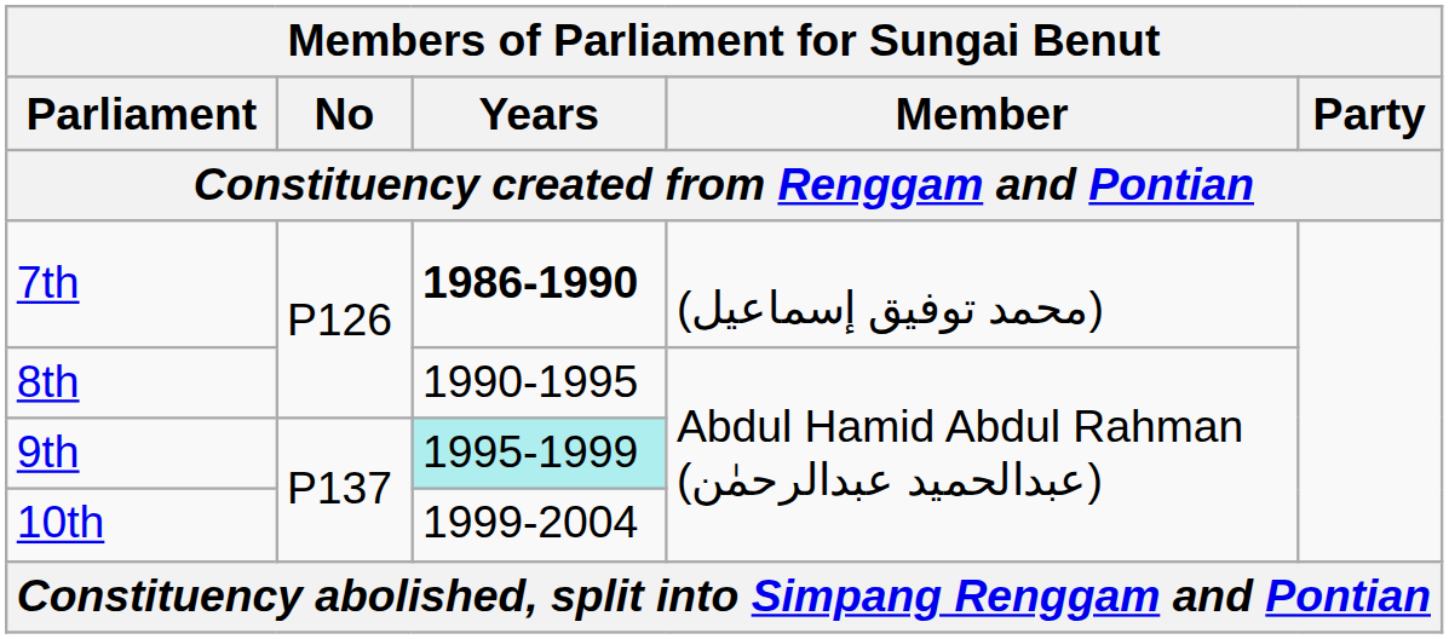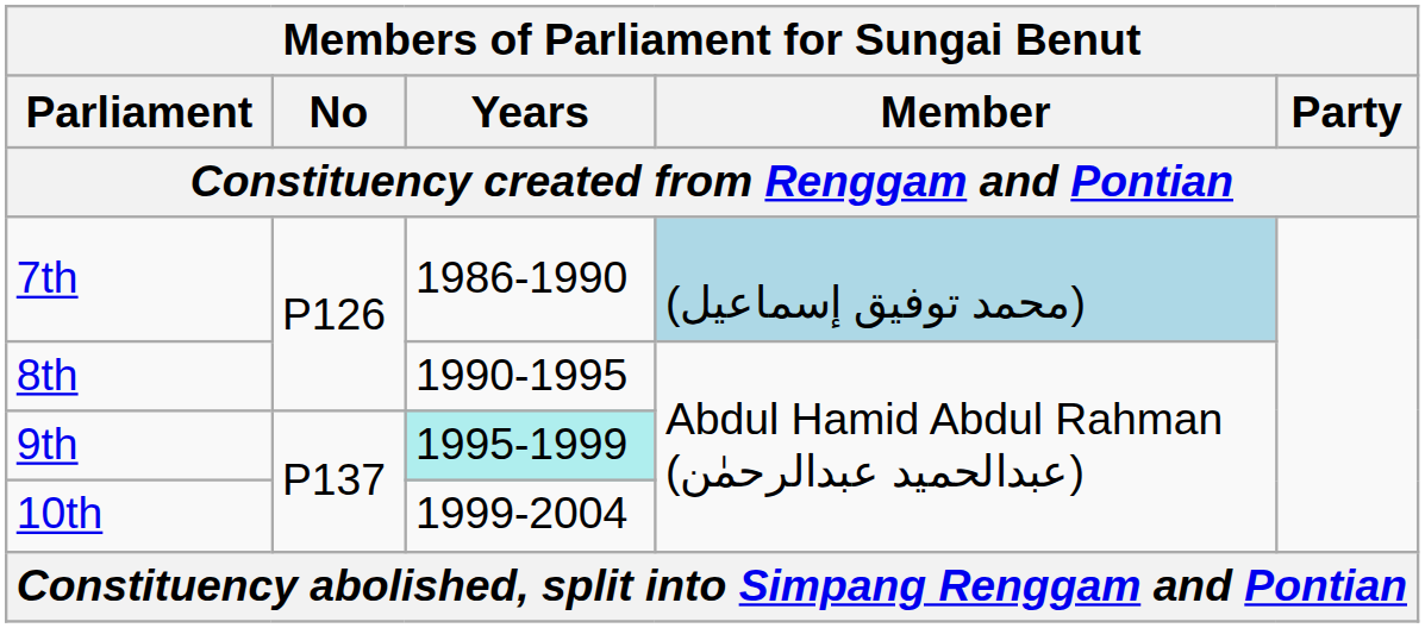 <table class=wikitable>
 <tr>
 <th colspan="5">Members of Parliament for Sungai Benut</th>
 </tr>
 <tr>
 <th>Parliament</th>
 <th>No</th>
 <th>Years</th>
 <th>Member</th>
 <th>Party</th>
 </tr>
 <tr>
 <th colspan="5" align="center"><em>Constituency created from <a href='#'>Renggam</a> and <a href='#'>Pontian</a></em></th>
 </tr>
 <tr>
 <td><a href='#'>7th</a></td>
 <td rowspan="2">P126</td>
-<td><strong>1986-1990</strong></td>
-<td><br>(محمد توفيق إسماعيل)</td>
+<td>1986-1990</td>
+<td style="background: lightblue;"><br>(محمد توفيق إسماعيل)</td>
 <td rowspan="4"></td>
 </tr>
 <tr>
 <td><a href='#'>8th</a></td>
 <td>1990-1995</td>
 <td rowspan=3>Abdul Hamid Abdul Rahman<br>(عبدالحميد عبدالرحمٰن)</td>
 </tr>
 <tr>
 <td><a href='#'>9th</a></td>
 <td rowspan="2">P137</td>
 <td style="background: paleturquoise;">1995-1999</td>
 </tr>
 <tr>
 <td><a href='#'>10th</a></td>
 <td>1999-2004</td>
 </tr>
 <tr>
 <th colspan="5" align="center"><em>Constituency abolished, split into <a href='#'>Simpang Renggam</a> and <a href='#'>Pontian</a></em></th>
 </tr>
 </table>
